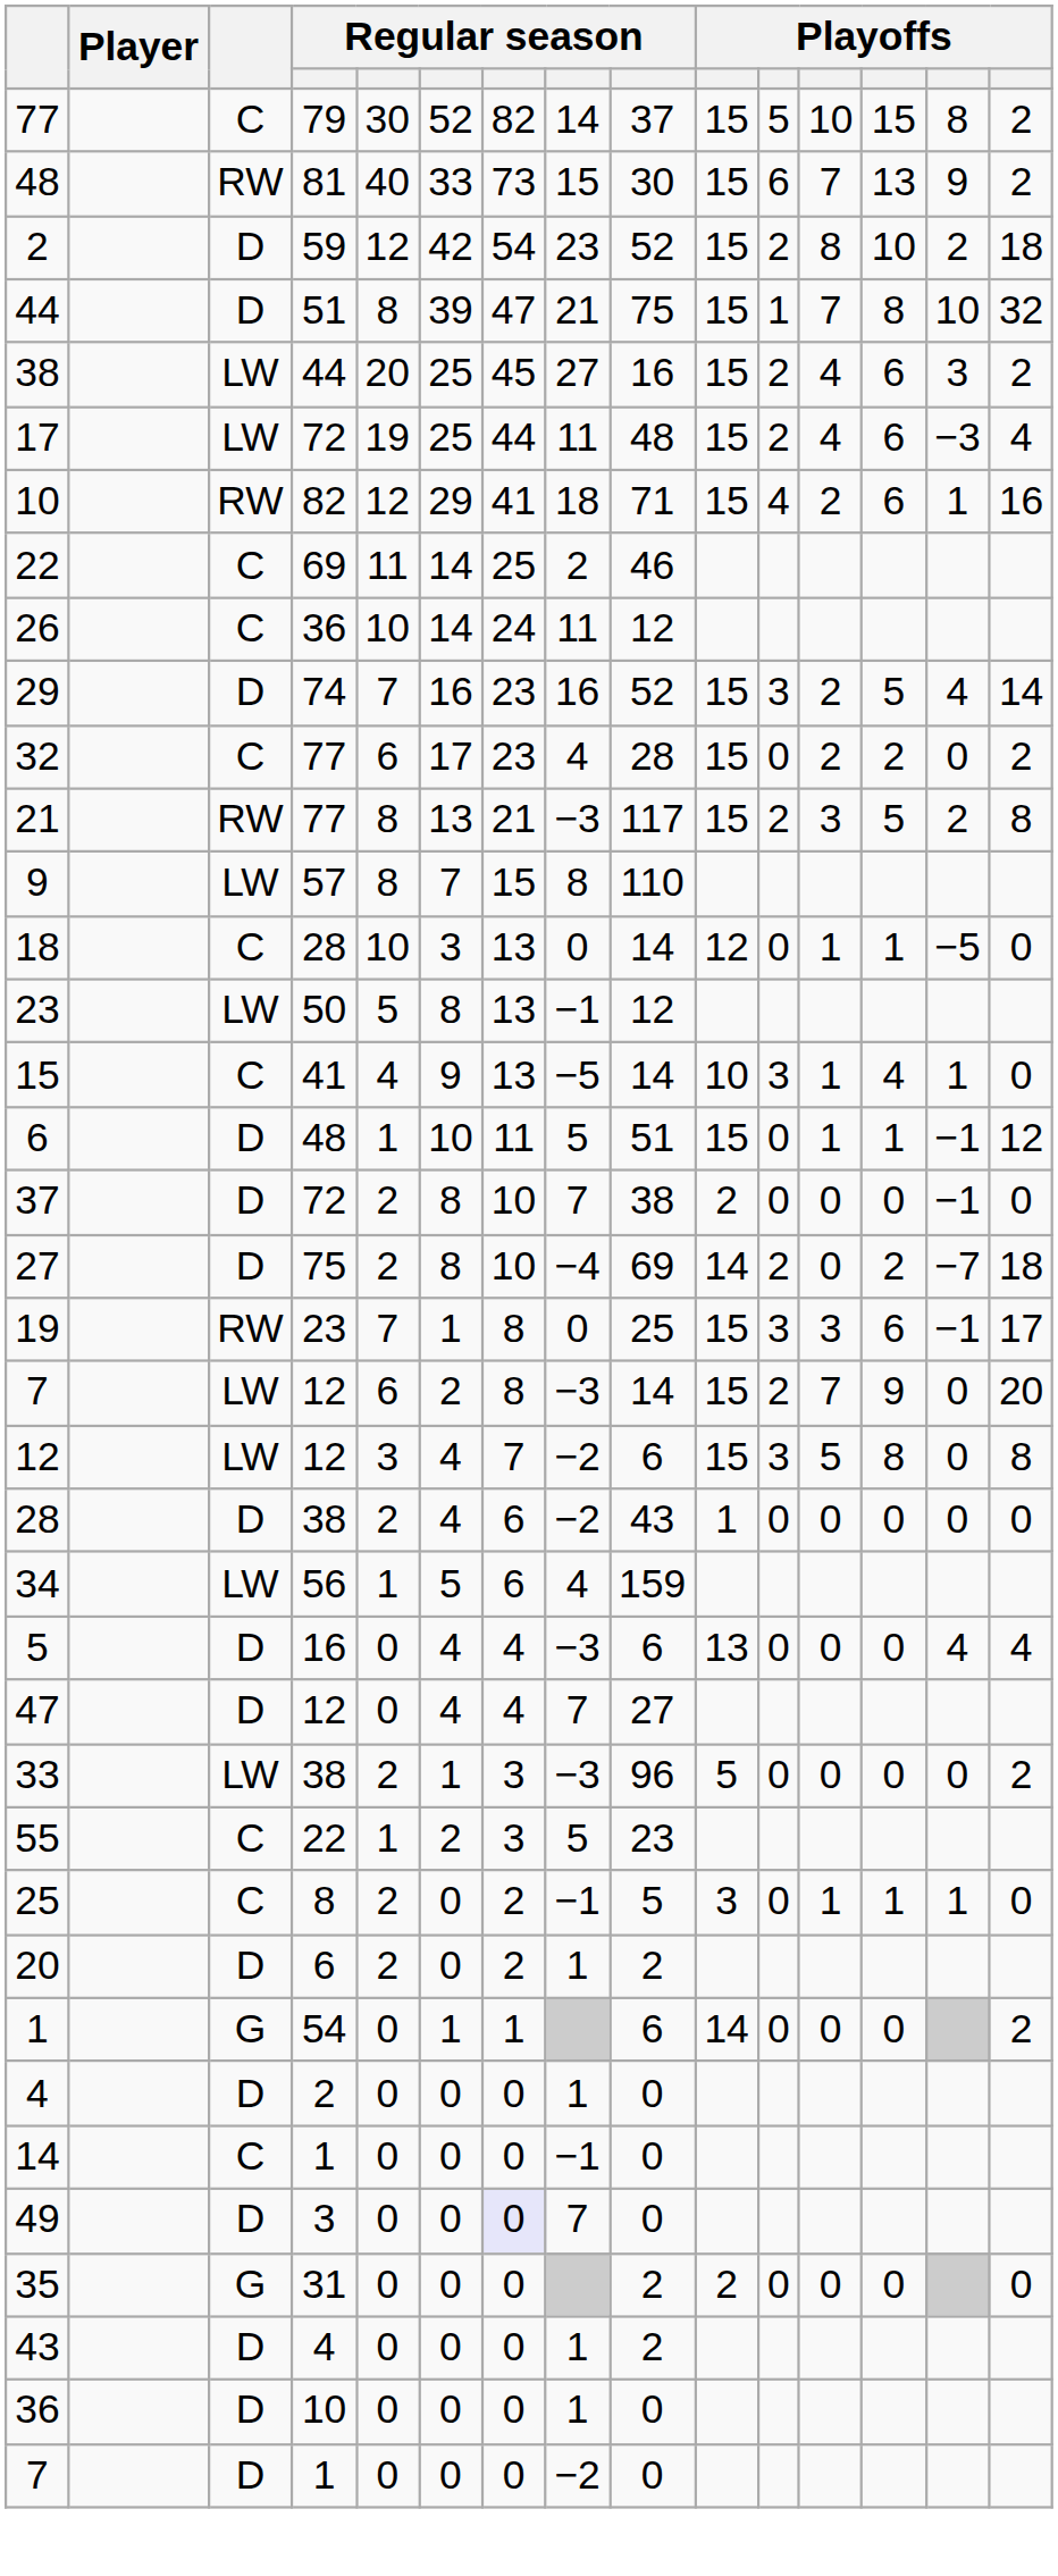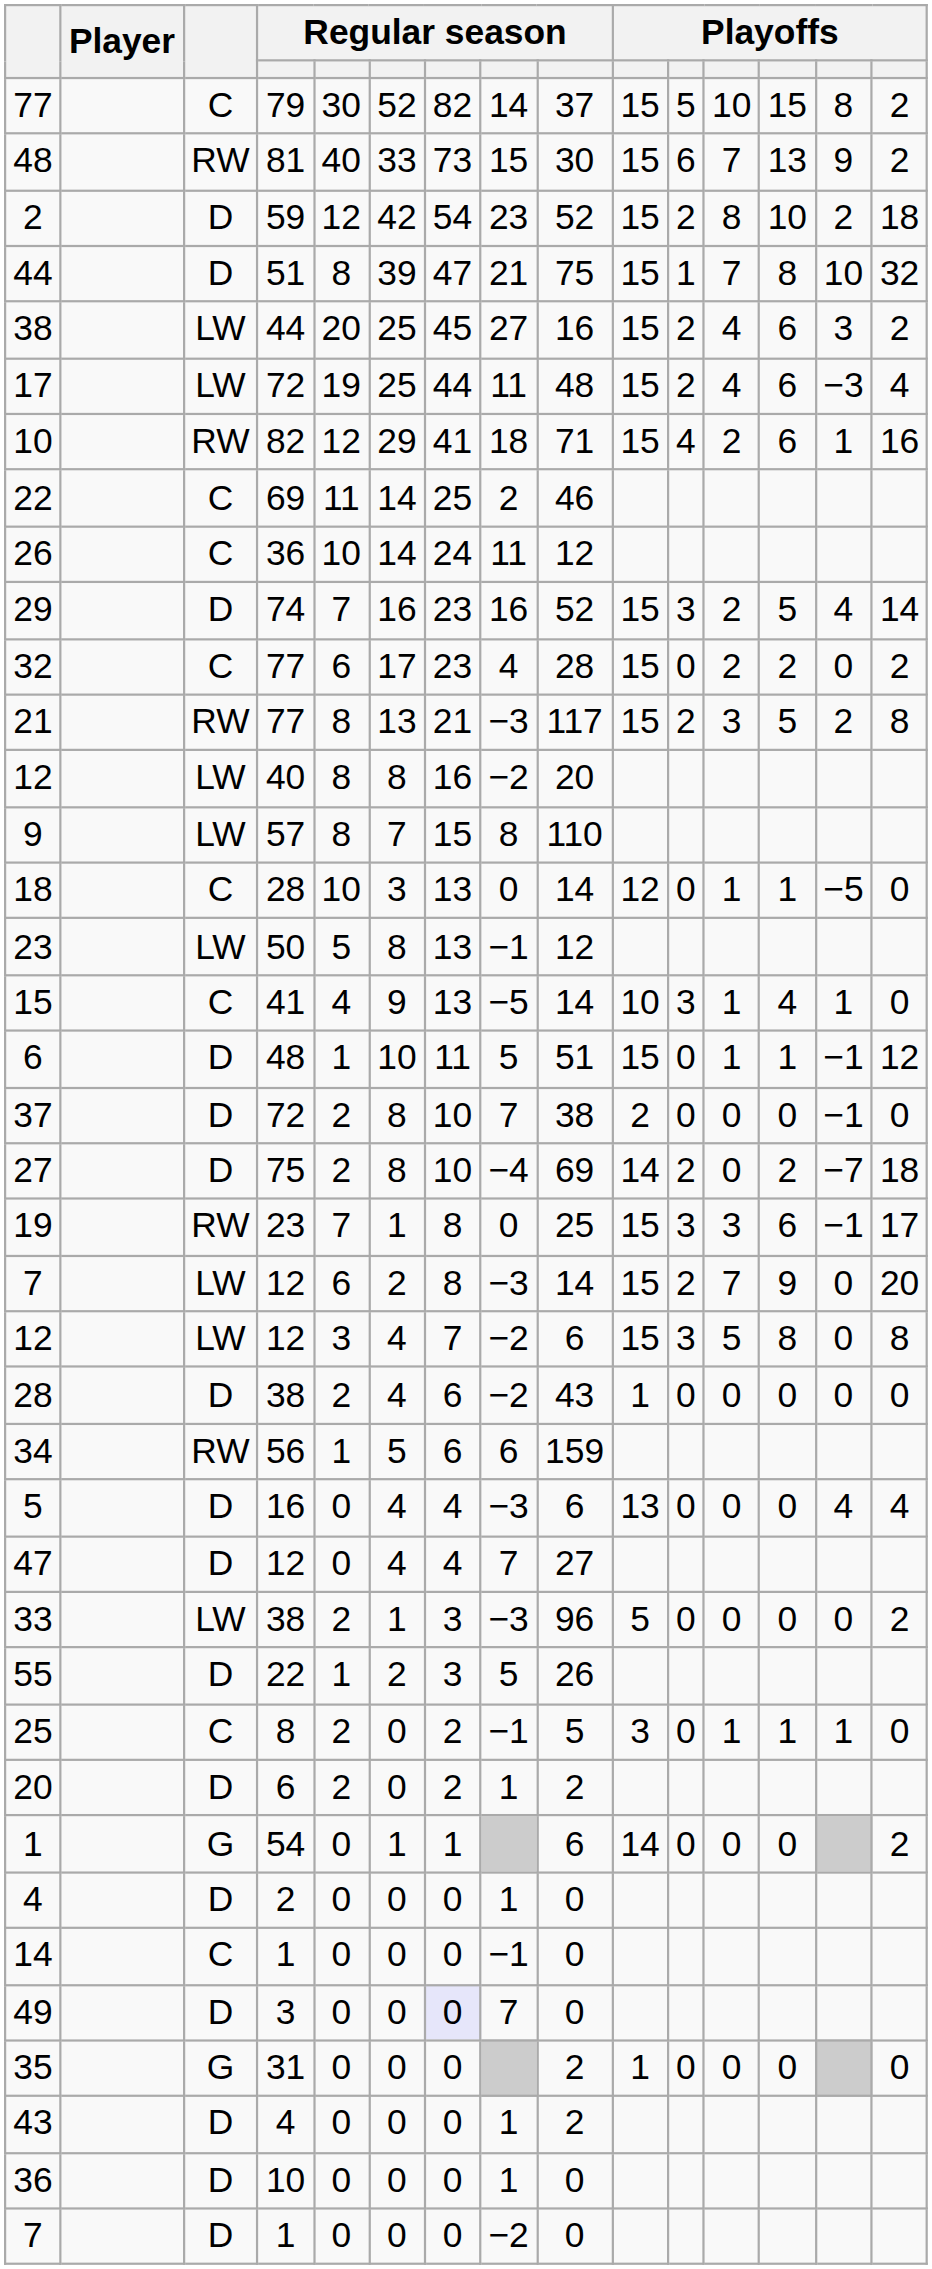 <table class="wikitable sortable plainrowheaders" style="text-align:center;">
 <tr>
 <th scope="col" data-sort-type="number" rowspan="2"></th>
 <th scope="col" rowspan="2">Player</th>
 <th scope="col" rowspan="2"></th>
 <th scope=colgroup colspan=6>Regular season</th>
 <th scope=colgroup colspan=6>Playoffs</th>
 </tr>
 <tr>
 <th scope="col" data-sort-type="number"></th>
 <th scope="col" data-sort-type="number"></th>
 <th scope="col" data-sort-type="number"></th>
 <th scope="col" data-sort-type="number"></th>
 <th scope="col" data-sort-type="number"></th>
 <th scope="col" data-sort-type="number"></th>
 <th scope="col" data-sort-type="number"></th>
 <th scope="col" data-sort-type="number"></th>
 <th scope="col" data-sort-type="number"></th>
 <th scope="col" data-sort-type="number"></th>
 <th scope="col" data-sort-type="number"></th>
 <th scope="col" data-sort-type="number"></th>
 </tr>
 <tr>
 <td scope="row">77</td>
 <td align="left"></td>
 <td>C</td>
 <td>79</td>
 <td>30</td>
 <td>52</td>
 <td>82</td>
 <td>14</td>
 <td>37</td>
 <td>15</td>
 <td>5</td>
 <td>10</td>
 <td>15</td>
 <td>8</td>
 <td>2</td>
 </tr>
 <tr>
 <td scope="row">48</td>
 <td align="left"></td>
 <td>RW</td>
 <td>81</td>
 <td>40</td>
 <td>33</td>
 <td>73</td>
 <td>15</td>
 <td>30</td>
 <td>15</td>
 <td>6</td>
 <td>7</td>
 <td>13</td>
 <td>9</td>
 <td>2</td>
 </tr>
 <tr>
 <td scope="row">2</td>
 <td align="left"></td>
 <td>D</td>
 <td>59</td>
 <td>12</td>
 <td>42</td>
 <td>54</td>
 <td>23</td>
 <td>52</td>
 <td>15</td>
 <td>2</td>
 <td>8</td>
 <td>10</td>
 <td>2</td>
 <td>18</td>
 </tr>
 <tr>
 <td scope="row">44</td>
 <td align="left"></td>
 <td>D</td>
 <td>51</td>
 <td>8</td>
 <td>39</td>
 <td>47</td>
 <td>21</td>
 <td>75</td>
 <td>15</td>
 <td>1</td>
 <td>7</td>
 <td>8</td>
 <td>10</td>
 <td>32</td>
 </tr>
 <tr>
 <td scope="row">38</td>
 <td align="left"></td>
 <td>LW</td>
 <td>44</td>
 <td>20</td>
 <td>25</td>
 <td>45</td>
 <td>27</td>
 <td>16</td>
 <td>15</td>
 <td>2</td>
 <td>4</td>
 <td>6</td>
 <td>3</td>
 <td>2</td>
 </tr>
 <tr>
 <td scope="row">17</td>
 <td align="left"></td>
 <td>LW</td>
 <td>72</td>
 <td>19</td>
 <td>25</td>
 <td>44</td>
 <td>11</td>
 <td>48</td>
 <td>15</td>
 <td>2</td>
 <td>4</td>
 <td>6</td>
 <td>−3</td>
 <td>4</td>
 </tr>
 <tr>
 <td scope="row">10</td>
 <td align="left"></td>
 <td>RW</td>
 <td>82</td>
 <td>12</td>
 <td>29</td>
 <td>41</td>
 <td>18</td>
 <td>71</td>
 <td>15</td>
 <td>4</td>
 <td>2</td>
 <td>6</td>
 <td>1</td>
 <td>16</td>
 </tr>
 <tr>
 <td scope="row">22</td>
 <td align="left"></td>
 <td>C</td>
 <td>69</td>
 <td>11</td>
 <td>14</td>
 <td>25</td>
 <td>2</td>
 <td>46</td>
 <td></td>
 <td></td>
 <td></td>
 <td></td>
 <td></td>
 <td></td>
 </tr>
 <tr>
 <td scope="row">26</td>
 <td align="left"></td>
 <td>C</td>
 <td>36</td>
 <td>10</td>
 <td>14</td>
 <td>24</td>
 <td>11</td>
 <td>12</td>
 <td></td>
 <td></td>
 <td></td>
 <td></td>
 <td></td>
 <td></td>
 </tr>
 <tr>
 <td scope="row">29</td>
 <td align="left"></td>
 <td>D</td>
 <td>74</td>
 <td>7</td>
 <td>16</td>
 <td>23</td>
 <td>16</td>
 <td>52</td>
 <td>15</td>
 <td>3</td>
 <td>2</td>
 <td>5</td>
 <td>4</td>
 <td>14</td>
 </tr>
 <tr>
 <td scope="row">32</td>
 <td align="left"></td>
 <td>C</td>
 <td>77</td>
 <td>6</td>
 <td>17</td>
 <td>23</td>
 <td>4</td>
 <td>28</td>
 <td>15</td>
 <td>0</td>
 <td>2</td>
 <td>2</td>
 <td>0</td>
 <td>2</td>
 </tr>
 <tr>
 <td scope="row">21</td>
 <td align="left"></td>
 <td>RW</td>
 <td>77</td>
 <td>8</td>
 <td>13</td>
 <td>21</td>
 <td>−3</td>
 <td>117</td>
 <td>15</td>
 <td>2</td>
 <td>3</td>
 <td>5</td>
 <td>2</td>
 <td>8</td>
 </tr>
 <tr>
+<td scope="row">12</td>
+<td align="left"></td>
+<td>LW</td>
+<td>40</td>
+<td>8</td>
+<td>8</td>
+<td>16</td>
+<td>−2</td>
+<td>20</td>
+<td></td>
+<td></td>
+<td></td>
+<td></td>
+<td></td>
+<td></td>
+</tr>
+<tr>
 <td scope="row">9</td>
 <td align="left"></td>
 <td>LW</td>
 <td>57</td>
 <td>8</td>
 <td>7</td>
 <td>15</td>
 <td>8</td>
 <td>110</td>
 <td></td>
 <td></td>
 <td></td>
 <td></td>
 <td></td>
 <td></td>
 </tr>
 <tr>
 <td scope="row">18</td>
 <td align="left"></td>
 <td>C</td>
 <td>28</td>
 <td>10</td>
 <td>3</td>
 <td>13</td>
 <td>0</td>
 <td>14</td>
 <td>12</td>
 <td>0</td>
 <td>1</td>
 <td>1</td>
 <td>−5</td>
 <td>0</td>
 </tr>
 <tr>
 <td scope="row">23</td>
 <td align="left"></td>
 <td>LW</td>
 <td>50</td>
 <td>5</td>
 <td>8</td>
 <td>13</td>
 <td>−1</td>
 <td>12</td>
 <td></td>
 <td></td>
 <td></td>
 <td></td>
 <td></td>
 <td></td>
 </tr>
 <tr>
 <td scope="row">15</td>
 <td align="left"></td>
 <td>C</td>
 <td>41</td>
 <td>4</td>
 <td>9</td>
 <td>13</td>
 <td>−5</td>
 <td>14</td>
 <td>10</td>
 <td>3</td>
 <td>1</td>
 <td>4</td>
 <td>1</td>
 <td>0</td>
 </tr>
 <tr>
 <td scope="row">6</td>
 <td align="left"></td>
 <td>D</td>
 <td>48</td>
 <td>1</td>
 <td>10</td>
 <td>11</td>
 <td>5</td>
 <td>51</td>
 <td>15</td>
 <td>0</td>
 <td>1</td>
 <td>1</td>
 <td>−1</td>
 <td>12</td>
 </tr>
 <tr>
 <td scope="row">37</td>
 <td align="left"></td>
 <td>D</td>
 <td>72</td>
 <td>2</td>
 <td>8</td>
 <td>10</td>
 <td>7</td>
 <td>38</td>
 <td>2</td>
 <td>0</td>
 <td>0</td>
 <td>0</td>
 <td>−1</td>
 <td>0</td>
 </tr>
 <tr>
 <td scope="row">27</td>
 <td align="left"></td>
 <td>D</td>
 <td>75</td>
 <td>2</td>
 <td>8</td>
 <td>10</td>
 <td>−4</td>
 <td>69</td>
 <td>14</td>
 <td>2</td>
 <td>0</td>
 <td>2</td>
 <td>−7</td>
 <td>18</td>
 </tr>
 <tr>
 <td scope="row">19</td>
 <td align="left"></td>
 <td>RW</td>
 <td>23</td>
 <td>7</td>
 <td>1</td>
 <td>8</td>
 <td>0</td>
 <td>25</td>
 <td>15</td>
 <td>3</td>
 <td>3</td>
 <td>6</td>
 <td>−1</td>
 <td>17</td>
 </tr>
 <tr>
 <td scope="row">7</td>
 <td align="left"></td>
 <td>LW</td>
 <td>12</td>
 <td>6</td>
 <td>2</td>
 <td>8</td>
 <td>−3</td>
 <td>14</td>
 <td>15</td>
 <td>2</td>
 <td>7</td>
 <td>9</td>
 <td>0</td>
 <td>20</td>
 </tr>
 <tr>
 <td scope="row">12</td>
 <td align="left"></td>
 <td>LW</td>
 <td>12</td>
 <td>3</td>
 <td>4</td>
 <td>7</td>
 <td>−2</td>
 <td>6</td>
 <td>15</td>
 <td>3</td>
 <td>5</td>
 <td>8</td>
 <td>0</td>
 <td>8</td>
 </tr>
 <tr>
 <td scope="row">28</td>
 <td align="left"></td>
 <td>D</td>
 <td>38</td>
 <td>2</td>
 <td>4</td>
 <td>6</td>
 <td>−2</td>
 <td>43</td>
 <td>1</td>
 <td>0</td>
 <td>0</td>
 <td>0</td>
 <td>0</td>
 <td>0</td>
 </tr>
 <tr>
 <td scope="row">34</td>
 <td align="left"></td>
-<td>LW</td>
+<td>RW</td>
 <td>56</td>
 <td>1</td>
 <td>5</td>
 <td>6</td>
-<td>4</td>
+<td>6</td>
 <td>159</td>
 <td></td>
 <td></td>
 <td></td>
 <td></td>
 <td></td>
 <td></td>
 </tr>
 <tr>
 <td scope="row">5</td>
 <td align="left"></td>
 <td>D</td>
 <td>16</td>
 <td>0</td>
 <td>4</td>
 <td>4</td>
 <td>−3</td>
 <td>6</td>
 <td>13</td>
 <td>0</td>
 <td>0</td>
 <td>0</td>
 <td>4</td>
 <td>4</td>
 </tr>
 <tr>
 <td scope="row">47</td>
 <td align="left"></td>
 <td>D</td>
 <td>12</td>
 <td>0</td>
 <td>4</td>
 <td>4</td>
 <td>7</td>
 <td>27</td>
 <td></td>
 <td></td>
 <td></td>
 <td></td>
 <td></td>
 <td></td>
 </tr>
 <tr>
 <td scope="row">33</td>
 <td align="left"></td>
 <td>LW</td>
 <td>38</td>
 <td>2</td>
 <td>1</td>
 <td>3</td>
 <td>−3</td>
 <td>96</td>
 <td>5</td>
 <td>0</td>
 <td>0</td>
 <td>0</td>
 <td>0</td>
 <td>2</td>
 </tr>
 <tr>
 <td scope="row">55</td>
 <td align="left"></td>
-<td>C</td>
+<td>D</td>
 <td>22</td>
 <td>1</td>
 <td>2</td>
 <td>3</td>
 <td>5</td>
-<td>23</td>
+<td>26</td>
 <td></td>
 <td></td>
 <td></td>
 <td></td>
 <td></td>
 <td></td>
 </tr>
 <tr>
 <td scope="row">25</td>
 <td align="left"></td>
 <td>C</td>
 <td>8</td>
 <td>2</td>
 <td>0</td>
 <td>2</td>
 <td>−1</td>
 <td>5</td>
 <td>3</td>
 <td>0</td>
 <td>1</td>
 <td>1</td>
 <td>1</td>
 <td>0</td>
 </tr>
 <tr>
 <td scope="row">20</td>
 <td align="left"></td>
 <td>D</td>
 <td>6</td>
 <td>2</td>
 <td>0</td>
 <td>2</td>
 <td>1</td>
 <td>2</td>
 <td></td>
 <td></td>
 <td></td>
 <td></td>
 <td></td>
 <td></td>
 </tr>
 <tr>
 <td scope="row">1</td>
 <td align="left"></td>
 <td>G</td>
 <td>54</td>
 <td>0</td>
 <td>1</td>
 <td>1</td>
 <td style="background:#ccc"></td>
 <td>6</td>
 <td>14</td>
 <td>0</td>
 <td>0</td>
 <td>0</td>
 <td style="background:#ccc"></td>
 <td>2</td>
 </tr>
 <tr>
 <td scope="row">4</td>
 <td align="left"></td>
 <td>D</td>
 <td>2</td>
 <td>0</td>
 <td>0</td>
 <td>0</td>
 <td>1</td>
 <td>0</td>
 <td></td>
 <td></td>
 <td></td>
 <td></td>
 <td></td>
 <td></td>
 </tr>
 <tr>
 <td scope="row">14</td>
 <td align="left"></td>
 <td>C</td>
 <td>1</td>
 <td>0</td>
 <td>0</td>
 <td>0</td>
 <td>−1</td>
 <td>0</td>
 <td></td>
 <td></td>
 <td></td>
 <td></td>
 <td></td>
 <td></td>
 </tr>
 <tr>
 <td scope="row">49</td>
 <td align="left"></td>
 <td>D</td>
 <td>3</td>
 <td>0</td>
 <td>0</td>
 <td style="background: lavender;">0</td>
 <td>7</td>
 <td>0</td>
 <td></td>
 <td></td>
 <td></td>
 <td></td>
 <td></td>
 <td></td>
 </tr>
 <tr>
 <td scope="row">35</td>
 <td align="left"></td>
 <td>G</td>
 <td>31</td>
 <td>0</td>
 <td>0</td>
 <td>0</td>
 <td style="background:#ccc"></td>
 <td>2</td>
-<td>2</td>
+<td>1</td>
 <td>0</td>
 <td>0</td>
 <td>0</td>
 <td style="background:#ccc"></td>
 <td>0</td>
 </tr>
 <tr>
 <td scope="row">43</td>
 <td align="left"></td>
 <td>D</td>
 <td>4</td>
 <td>0</td>
 <td>0</td>
 <td>0</td>
 <td>1</td>
 <td>2</td>
 <td></td>
 <td></td>
 <td></td>
 <td></td>
 <td></td>
 <td></td>
 </tr>
 <tr>
 <td scope="row">36</td>
 <td align="left"></td>
 <td>D</td>
 <td>10</td>
 <td>0</td>
 <td>0</td>
 <td>0</td>
 <td>1</td>
 <td>0</td>
 <td></td>
 <td></td>
 <td></td>
 <td></td>
 <td></td>
 <td></td>
 </tr>
 <tr>
 <td scope="row">7</td>
 <td align="left"></td>
 <td>D</td>
 <td>1</td>
 <td>0</td>
 <td>0</td>
 <td>0</td>
 <td>−2</td>
 <td>0</td>
 <td></td>
 <td></td>
 <td></td>
 <td></td>
 <td></td>
 <td></td>
 </tr>
 </table>
